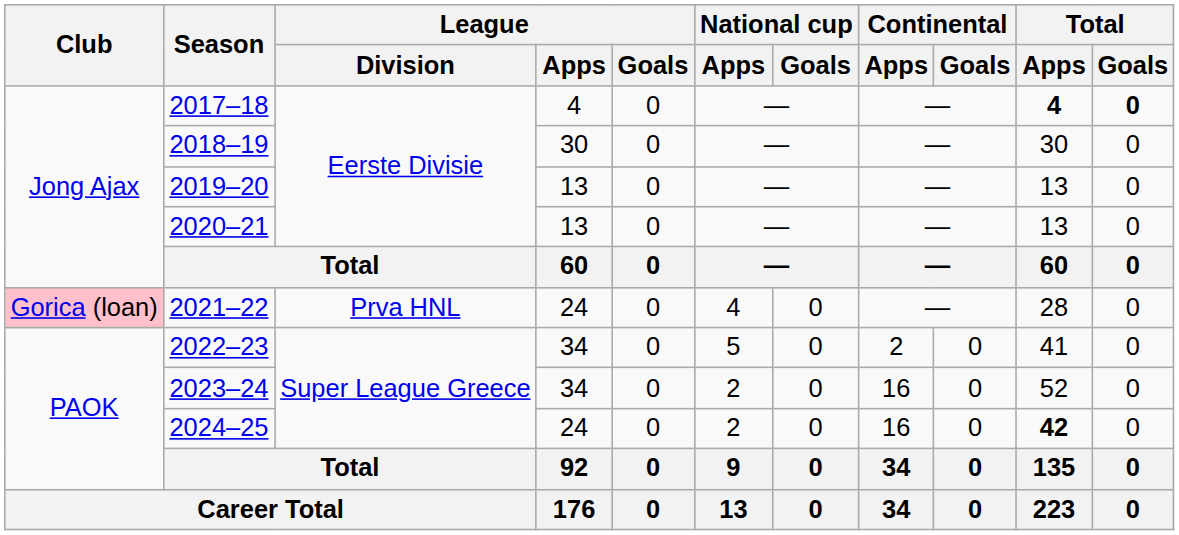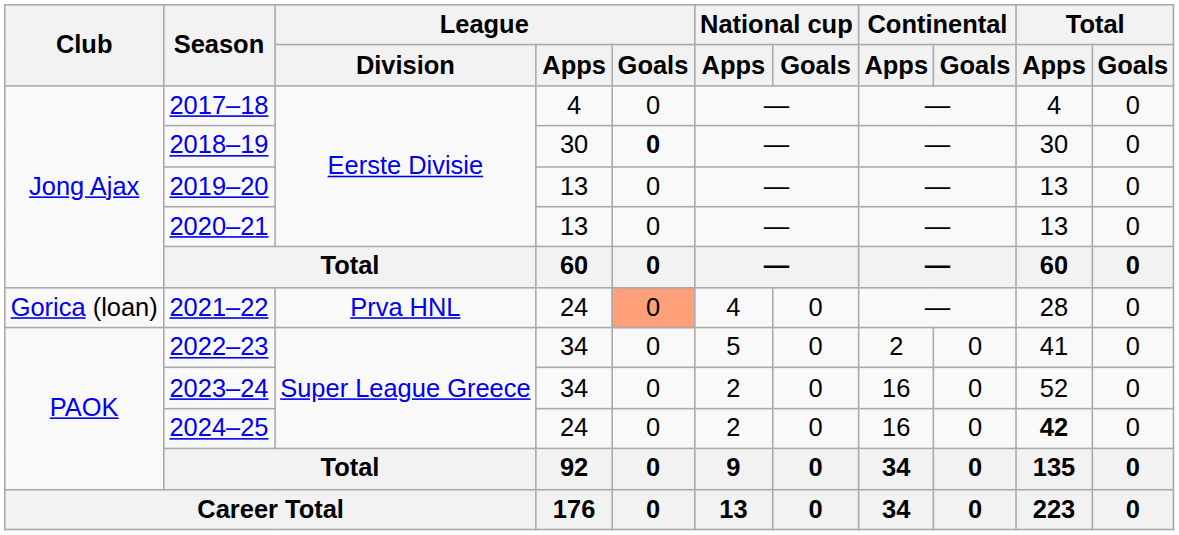 <table class="wikitable" style="text-align: center;">
 <tr>
 <th rowspan=2>Club</th>
 <th rowspan=2>Season</th>
 <th colspan=3>League</th>
 <th colspan=2>National cup</th>
 <th colspan=2>Continental</th>
 <th colspan="2">Total</th>
 </tr>
 <tr>
 <th>Division</th>
 <th>Apps</th>
 <th>Goals</th>
 <th>Apps</th>
 <th>Goals</th>
 <th>Apps</th>
 <th>Goals</th>
 <th>Apps</th>
 <th>Goals</th>
 </tr>
 <tr>
 <td rowspan="5"><a href='#'>Jong Ajax</a></td>
 <td><a href='#'>2017–18</a></td>
 <td rowspan="4"><a href='#'>Eerste Divisie</a></td>
 <td>4</td>
 <td>0</td>
 <td colspan="2">—</td>
 <td colspan="2">—</td>
-<td><strong>4</strong></td>
-<td><strong>0</strong></td>
+<td>4</td>
+<td>0</td>
 </tr>
 <tr>
 <td><a href='#'>2018–19</a></td>
 <td>30</td>
-<td>0</td>
+<td><strong>0</strong></td>
 <td colspan="2">—</td>
 <td colspan="2">—</td>
 <td>30</td>
 <td>0</td>
 </tr>
 <tr>
 <td><a href='#'>2019–20</a></td>
 <td>13</td>
 <td>0</td>
 <td colspan="2">—</td>
 <td colspan="2">—</td>
 <td>13</td>
 <td>0</td>
 </tr>
 <tr>
 <td><a href='#'>2020–21</a></td>
 <td>13</td>
 <td>0</td>
 <td colspan="2">—</td>
 <td colspan="2">—</td>
 <td>13</td>
 <td>0</td>
 </tr>
 <tr>
 <th colspan="2">Total</th>
 <th>60</th>
 <th>0</th>
 <th colspan="2">—</th>
 <th colspan="2">—</th>
 <th>60</th>
 <th>0</th>
 </tr>
 <tr>
-<td style="background: pink;"><a href='#'>Gorica</a> (loan)</td>
+<td><a href='#'>Gorica</a> (loan)</td>
 <td><a href='#'>2021–22</a></td>
 <td><a href='#'>Prva HNL</a></td>
 <td>24</td>
-<td>0</td>
+<td style="background: lightsalmon;">0</td>
 <td>4</td>
 <td>0</td>
 <td colspan="2">—</td>
 <td>28</td>
 <td>0</td>
 </tr>
 <tr>
 <td rowspan="4"><a href='#'>PAOK</a></td>
 <td><a href='#'>2022–23</a></td>
 <td rowspan="3"><a href='#'>Super League Greece</a></td>
 <td>34</td>
 <td>0</td>
 <td>5</td>
 <td>0</td>
 <td>2</td>
 <td>0</td>
 <td>41</td>
 <td>0</td>
 </tr>
 <tr>
 <td><a href='#'>2023–24</a></td>
 <td>34</td>
 <td>0</td>
 <td>2</td>
 <td>0</td>
 <td>16</td>
 <td>0</td>
 <td>52</td>
 <td>0</td>
 </tr>
 <tr>
 <td><a href='#'>2024–25</a></td>
 <td>24</td>
 <td>0</td>
 <td>2</td>
 <td>0</td>
 <td>16</td>
 <td>0</td>
 <td><strong>42</strong></td>
 <td>0</td>
 </tr>
 <tr>
 <th colspan="2">Total</th>
 <th>92</th>
 <th>0</th>
 <th>9</th>
 <th>0</th>
 <th>34</th>
 <th>0</th>
 <th>135</th>
 <th>0</th>
 </tr>
 <tr>
 <th colspan="3">Career Total</th>
 <th>176</th>
 <th>0</th>
 <th>13</th>
 <th>0</th>
 <th>34</th>
 <th>0</th>
 <th>223</th>
 <th>0</th>
 </tr>
 </table>
